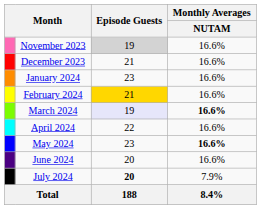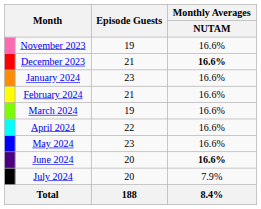 <table class="wikitable plainrowheaders" style="text-align: center; line-height:25px;">
 <tr class="wikitable" style="text-align: center;">
 <th colspan="2" rowspan="2" style="padding: 0 8px;">Month</th>
 <th rowspan="2" style="padding: 0 8px;">Episode Guests</th>
 <th colspan="2" style="padding: 0 8px;">Monthly Averages</th>
 </tr>
 <tr>
 <th style="padding: 0 8px;">NUTAM</th>
 </tr>
 <tr>
 <td style="padding: 0 8px; background:#FF69B4;"></td>
 <td style="padding: 0 8px;" '><a href='#'> November 2023</a></td>
-<td style="background: lightgrey; padding: 0 8px;">19</td>
+<td style="padding: 0 8px;">19</td>
 <td style="padding: 0 8px;">16.6%</td>
 </tr>
 <tr>
 <td style="padding: 0 8px; background:#FF0000;"></td>
 <td style="padding: 0 8px;" '><a href='#'> December 2023</a></td>
 <td style="padding: 0 8px;">21</td>
-<td style="padding: 0 8px;">16.6%</td>
+<td style="padding: 0 8px;"><strong>16.6%</strong></td>
 </tr>
 <tr>
 <td style="padding: 0 8px; background:#FF8C00;"></td>
 <td style="padding: 0 8px;" '><a href='#'> January 2024</a></td>
 <td style="padding: 0 8px;">23</td>
 <td style="padding: 0 8px;">16.6%</td>
 </tr>
 <tr>
 <td style="padding: 0 8px; background:#FFFF00;"></td>
 <td style="padding: 0 8px;" '><a href='#'> February 2024</a></td>
-<td style="background: gold; padding: 0 8px;">21</td>
+<td style="padding: 0 8px;">21</td>
 <td style="padding: 0 8px;">16.6%</td>
 </tr>
 <tr>
 <td style="padding: 0 8px; background:#7CFC00;"></td>
 <td style="padding: 0 8px;" '><a href='#'> March 2024</a></td>
-<td style="background: lavender; padding: 0 8px;">19</td>
-<td style="padding: 0 8px;"><strong>16.6%</strong></td>
+<td style="padding: 0 8px;">19</td>
+<td style="padding: 0 8px;">16.6%</td>
 </tr>
 <tr>
 <td style="padding: 0 8px; background:#00FFFF;"></td>
 <td style="padding: 0 8px;" '><a href='#'> April 2024</a></td>
 <td style="padding: 0 8px;">22</td>
 <td style="padding: 0 8px;">16.6%</td>
 </tr>
 <tr>
 <td style="padding: 0 8px; background:#0000FF;"></td>
 <td style="padding: 0 8px;" '><a href='#'> May 2024</a></td>
 <td style="padding: 0 8px;">23</td>
-<td style="padding: 0 8px;"><strong>16.6%</strong></td>
+<td style="padding: 0 8px;">16.6%</td>
 </tr>
 <tr>
 <td style="padding: 0 8px; background:#4B0082;"></td>
 <td style="padding: 0 8px;" '><a href='#'> June 2024</a></td>
 <td style="padding: 0 8px;">20</td>
-<td style="padding: 0 8px;">16.6%</td>
+<td style="padding: 0 8px;"><strong>16.6%</strong></td>
 </tr>
 <tr>
 <td style="padding: 0 8px; background:#000000;"></td>
 <td style="padding: 0 8px;" '><a href='#'> July 2024</a></td>
-<td style="padding: 0 8px;"><strong>20</strong></td>
+<td style="padding: 0 8px;">20</td>
 <td style="padding: 0 8px;">7.9%</td>
 </tr>
 <tr>
 <th colspan="2">Total</th>
 <th colspan="1">188</th>
 <th colspan="2">8.4%</th>
 </tr>
 </table>
